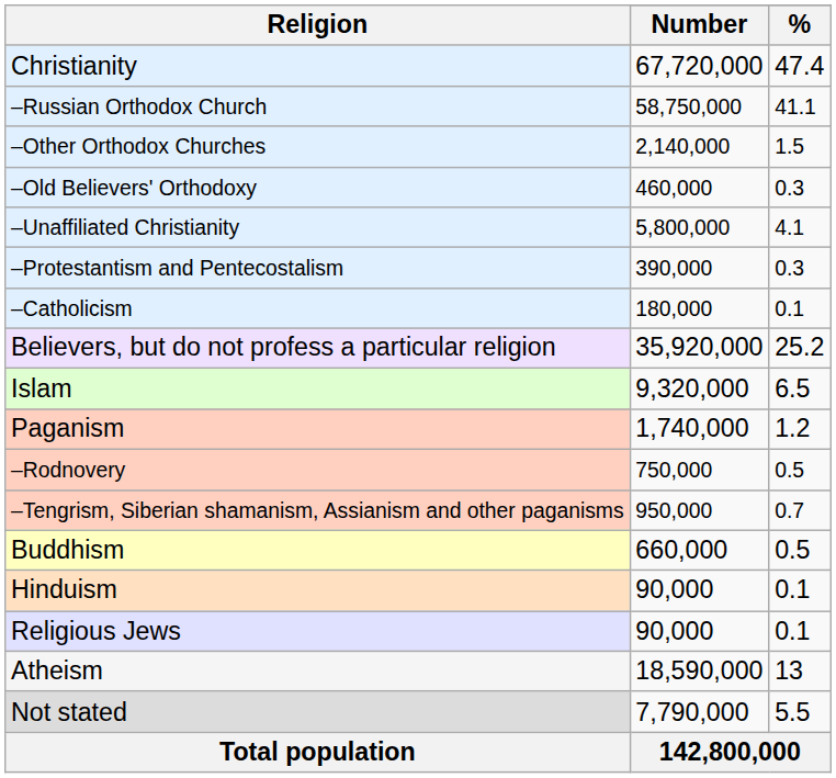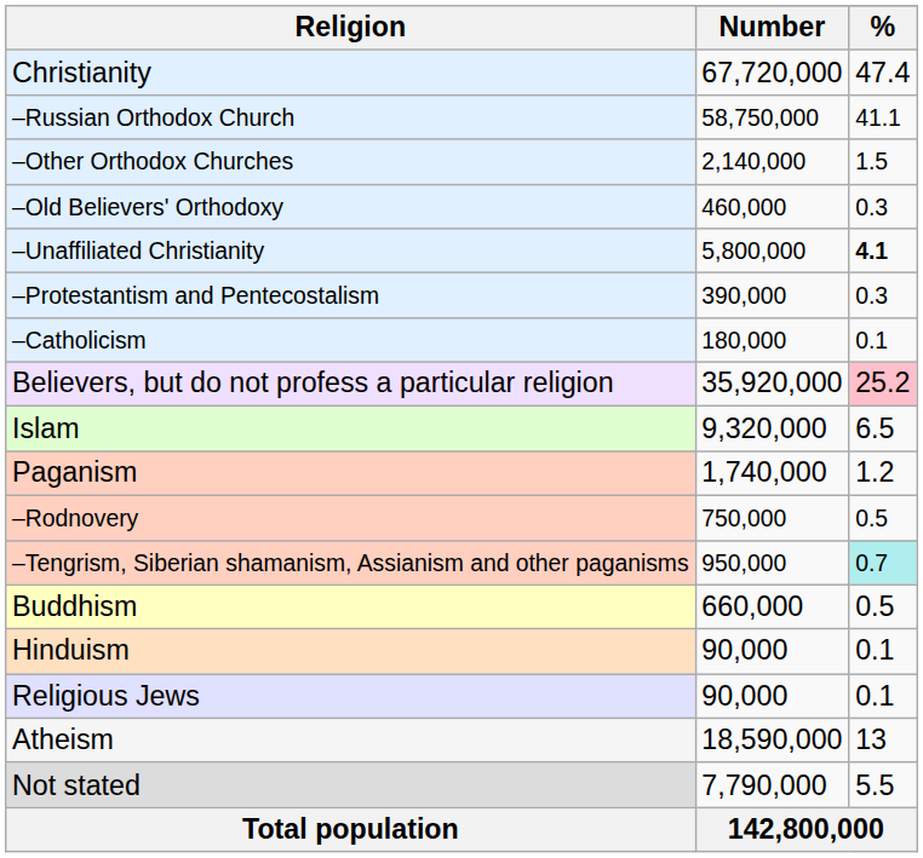 <table class="wikitable">
 <tr>
 <th rowspan="2">Religion</th>
 </tr>
 <tr>
 <th>Number</th>
 <th>%</th>
 </tr>
 <tr>
 <td style="background:#E0F0FF;">Christianity</td>
 <td>67,720,000</td>
 <td>47.4</td>
 </tr>
 <tr>
 <td style="background:#E0F0FF;"><small>–Russian Orthodox Church</small></td>
 <td><small>58,750,000</small></td>
 <td><small>41.1</small></td>
 </tr>
 <tr>
 <td style="background:#E0F0FF;"><small>–Other Orthodox Churches</small></td>
 <td><small>2,140,000</small></td>
 <td><small>1.5</small></td>
 </tr>
 <tr>
 <td style="background:#E0F0FF;"><small>–Old Believers' Orthodoxy</small></td>
 <td><small>460,000</small></td>
 <td><small>0.3</small></td>
 </tr>
 <tr>
 <td style="background:#E0F0FF;"><small>–Unaffiliated Christianity</small></td>
 <td><small>5,800,000</small></td>
-<td><small>4.1</small></td>
+<td><strong><small>4.1</small></strong></td>
 </tr>
 <tr>
 <td style="background:#E0F0FF;"><small>–Protestantism and Pentecostalism</small></td>
 <td><small>390,000</small></td>
 <td><small>0.3</small></td>
 </tr>
 <tr>
 <td style="background:#E0F0FF;"><small>–Catholicism</small></td>
 <td><small>180,000</small></td>
 <td><small>0.1</small></td>
 </tr>
 <tr>
 <td style="background:#F0E0FF;">Believers, but do not profess a particular religion</td>
 <td>35,920,000</td>
-<td>25.2</td>
+<td style="background: pink;">25.2</td>
 </tr>
 <tr>
 <td style="background:#E0FFD0;">Islam</td>
 <td>9,320,000</td>
 <td>6.5</td>
 </tr>
 <tr>
 <td style="background:#FFD0C0;">Paganism</td>
 <td>1,740,000</td>
 <td>1.2</td>
 </tr>
 <tr>
 <td style="background:#FFD0C0;"><small>–Rodnovery</small></td>
 <td><small>750,000</small></td>
 <td><small>0.5</small></td>
 </tr>
 <tr>
 <td style="background:#FFD0C0;"><small>–Tengrism, Siberian shamanism, Assianism and other paganisms</small></td>
 <td><small>950,000</small></td>
-<td><small>0.7</small></td>
+<td style="background: paleturquoise;"><small>0.7</small></td>
 </tr>
 <tr>
 <td style="background:#FFFFC0;">Buddhism</td>
 <td>660,000</td>
 <td>0.5</td>
 </tr>
 <tr>
 <td style="background:#FFE0C0;">Hinduism</td>
 <td>90,000</td>
 <td>0.1</td>
 </tr>
 <tr>
 <td style="background:#E0E0FF;">Religious Jews</td>
 <td>90,000</td>
 <td>0.1</td>
 </tr>
 <tr>
 <td style="background:#F5F5F5;">Atheism</td>
 <td>18,590,000</td>
 <td>13</td>
 </tr>
 <tr>
 <td style="background:#DCDCDC;">Not stated</td>
 <td>7,790,000</td>
 <td>5.5</td>
 </tr>
 <tr>
 <th>Total population</th>
 <th colspan="2">142,800,000</th>
 </tr>
 </table>
